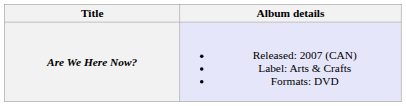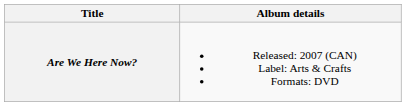 <table class="wikitable plainrowheaders" style="text-align:center;">
 <tr>
 <th scope="col" style="width:15em;">Title</th>
 <th scope="col" style="width:19em;">Album details</th>
 </tr>
 <tr>
 <th scope="row"><em>Are We Here Now?</em></th>
-<td style="background: lavender;"><br><ul><li>Released: 2007 <span>(CAN)</span></li><li>Label: Arts & Crafts</li><li>Formats: DVD</li></ul></td>
+<td><br><ul><li>Released: 2007 <span>(CAN)</span></li><li>Label: Arts & Crafts</li><li>Formats: DVD</li></ul></td>
 </tr>
 </table>
